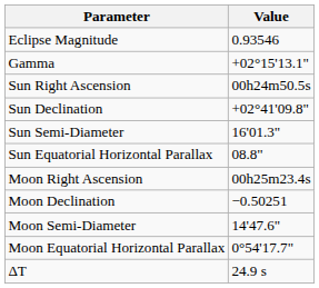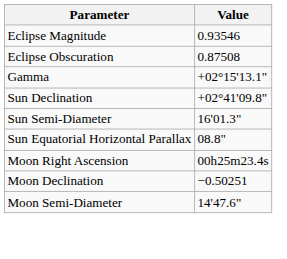 <table class="wikitable">
 <tr>
 <th>Parameter</th>
 <th>Value</th>
 </tr>
 <tr>
 <td>Eclipse Magnitude</td>
 <td>0.93546</td>
 </tr>
 <tr>
+<td>Eclipse Obscuration</td>
+<td>0.87508</td>
+</tr>
+<tr>
 <td>Gamma</td>
 <td>+02°15'13.1"</td>
-</tr>
-<tr>
-<td>Sun Right Ascension</td>
-<td>00h24m50.5s</td>
 </tr>
 <tr>
 <td>Sun Declination</td>
 <td>+02°41'09.8"</td>
 </tr>
 <tr>
 <td>Sun Semi-Diameter</td>
 <td>16'01.3"</td>
 </tr>
 <tr>
 <td>Sun Equatorial Horizontal Parallax</td>
 <td>08.8"</td>
 </tr>
 <tr>
 <td>Moon Right Ascension</td>
 <td>00h25m23.4s</td>
 </tr>
 <tr>
 <td>Moon Declination</td>
 <td>−0.50251</td>
 </tr>
 <tr>
 <td>Moon Semi-Diameter</td>
 <td>14'47.6"</td>
 </tr>
-<tr>
-<td>Moon Equatorial Horizontal Parallax</td>
-<td>0°54'17.7"</td>
-</tr>
-<tr>
-<td>ΔT</td>
-<td>24.9 s</td>
-</tr>
 </table>
